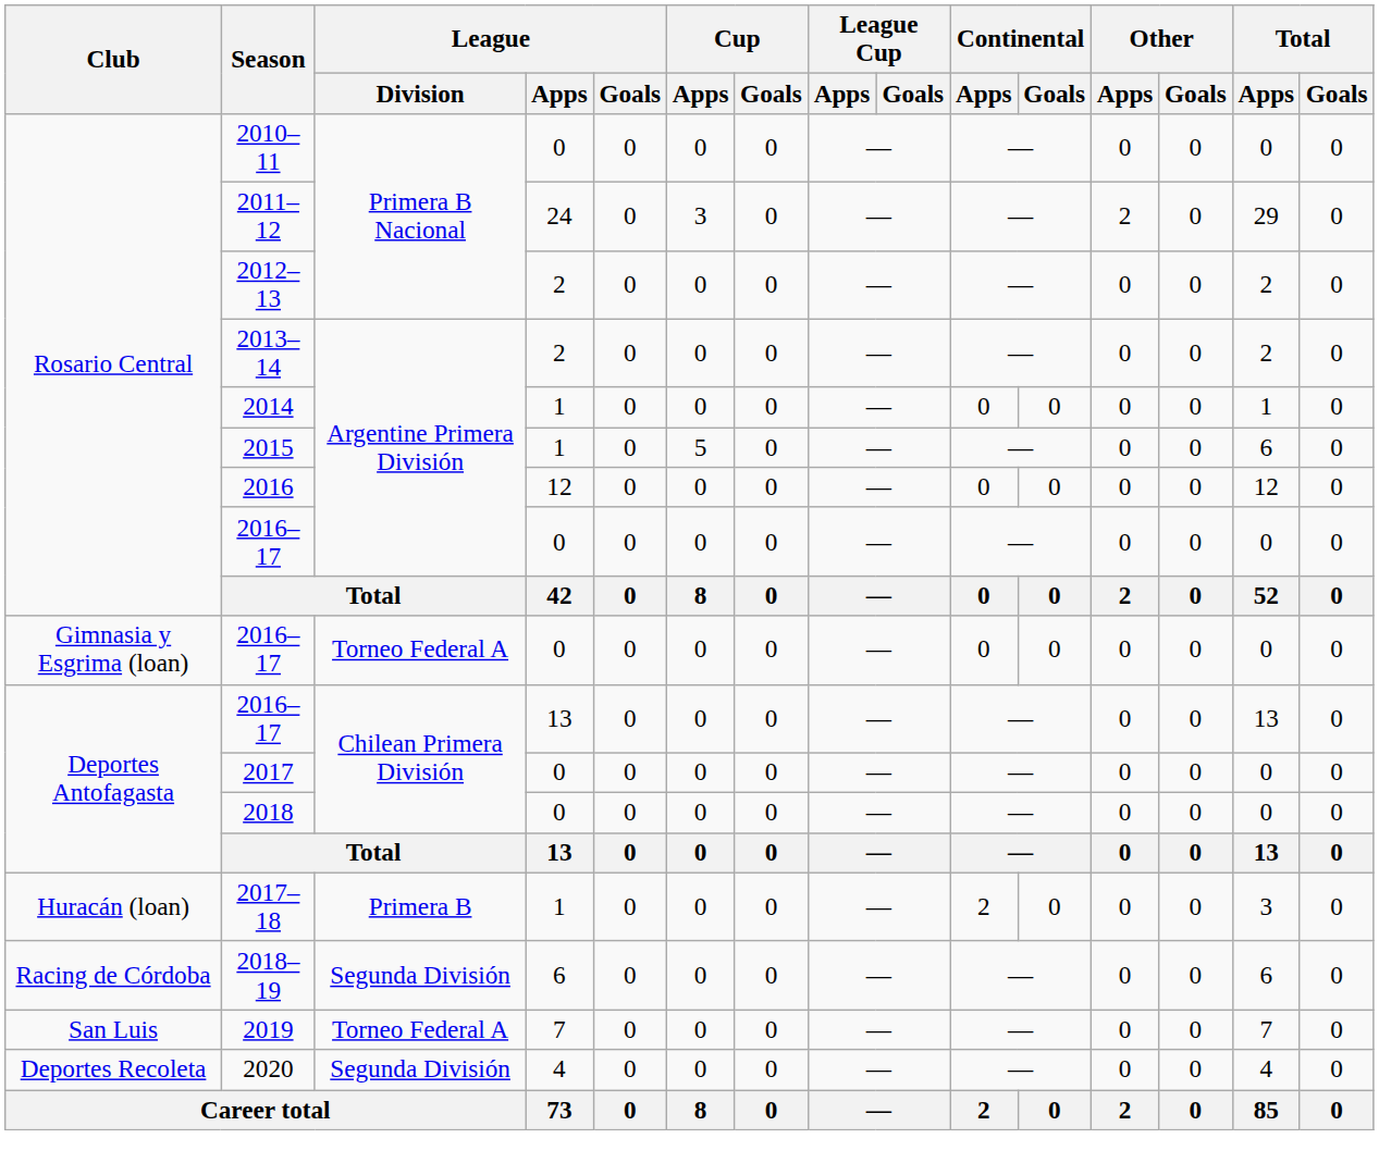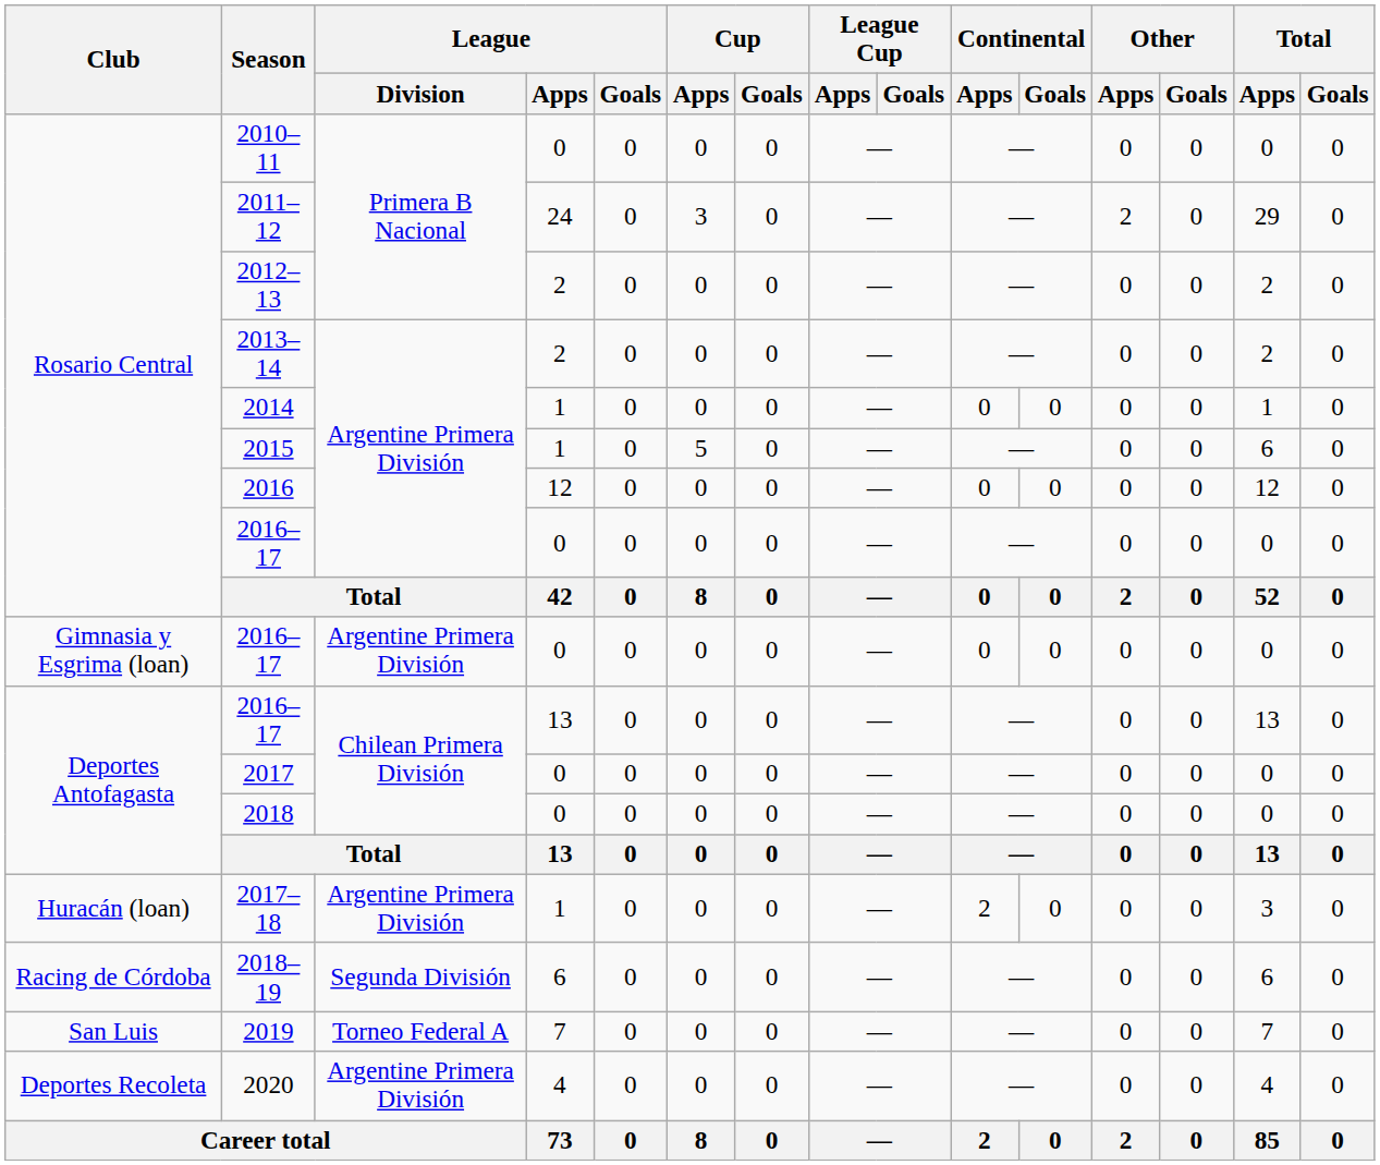 <table class="wikitable" style="text-align:center">
 <tr>
 <th rowspan="2">Club</th>
 <th rowspan="2">Season</th>
 <th colspan="3">League</th>
 <th colspan="2">Cup</th>
 <th colspan="2">League Cup</th>
 <th colspan="2">Continental</th>
 <th colspan="2">Other</th>
 <th colspan="2">Total</th>
 </tr>
 <tr>
 <th>Division</th>
 <th>Apps</th>
 <th>Goals</th>
 <th>Apps</th>
 <th>Goals</th>
 <th>Apps</th>
 <th>Goals</th>
 <th>Apps</th>
 <th>Goals</th>
 <th>Apps</th>
 <th>Goals</th>
 <th>Apps</th>
 <th>Goals</th>
 </tr>
 <tr>
 <td rowspan="9"><a href='#'>Rosario Central</a></td>
 <td><a href='#'>2010–11</a></td>
 <td rowspan="3"><a href='#'>Primera B Nacional</a></td>
 <td>0</td>
 <td>0</td>
 <td>0</td>
 <td>0</td>
 <td colspan="2">—</td>
 <td colspan="2">—</td>
 <td>0</td>
 <td>0</td>
 <td>0</td>
 <td>0</td>
 </tr>
 <tr>
 <td><a href='#'>2011–12</a></td>
 <td>24</td>
 <td>0</td>
 <td>3</td>
 <td>0</td>
 <td colspan="2">—</td>
 <td colspan="2">—</td>
 <td>2</td>
 <td>0</td>
 <td>29</td>
 <td>0</td>
 </tr>
 <tr>
 <td><a href='#'>2012–13</a></td>
 <td>2</td>
 <td>0</td>
 <td>0</td>
 <td>0</td>
 <td colspan="2">—</td>
 <td colspan="2">—</td>
 <td>0</td>
 <td>0</td>
 <td>2</td>
 <td>0</td>
 </tr>
 <tr>
 <td><a href='#'>2013–14</a></td>
 <td rowspan="5"><a href='#'>Argentine Primera División</a></td>
 <td>2</td>
 <td>0</td>
 <td>0</td>
 <td>0</td>
 <td colspan="2">—</td>
 <td colspan="2">—</td>
 <td>0</td>
 <td>0</td>
 <td>2</td>
 <td>0</td>
 </tr>
 <tr>
 <td><a href='#'>2014</a></td>
 <td>1</td>
 <td>0</td>
 <td>0</td>
 <td>0</td>
 <td colspan="2">—</td>
 <td>0</td>
 <td>0</td>
 <td>0</td>
 <td>0</td>
 <td>1</td>
 <td>0</td>
 </tr>
 <tr>
 <td><a href='#'>2015</a></td>
 <td>1</td>
 <td>0</td>
 <td>5</td>
 <td>0</td>
 <td colspan="2">—</td>
 <td colspan="2">—</td>
 <td>0</td>
 <td>0</td>
 <td>6</td>
 <td>0</td>
 </tr>
 <tr>
 <td><a href='#'>2016</a></td>
 <td>12</td>
 <td>0</td>
 <td>0</td>
 <td>0</td>
 <td colspan="2">—</td>
 <td>0</td>
 <td>0</td>
 <td>0</td>
 <td>0</td>
 <td>12</td>
 <td>0</td>
 </tr>
 <tr>
 <td><a href='#'>2016–17</a></td>
 <td>0</td>
 <td>0</td>
 <td>0</td>
 <td>0</td>
 <td colspan="2">—</td>
 <td colspan="2">—</td>
 <td>0</td>
 <td>0</td>
 <td>0</td>
 <td>0</td>
 </tr>
 <tr>
 <th colspan="2">Total</th>
 <th>42</th>
 <th>0</th>
 <th>8</th>
 <th>0</th>
 <th colspan="2">—</th>
 <th>0</th>
 <th>0</th>
 <th>2</th>
 <th>0</th>
 <th>52</th>
 <th>0</th>
 </tr>
 <tr>
 <td rowspan="1"><a href='#'>Gimnasia y Esgrima</a> (loan)</td>
 <td><a href='#'>2016–17</a></td>
-<td rowspan="1"><a href='#'>Torneo Federal A</a></td>
+<td rowspan="1"><a href='#'>Argentine Primera División</a></td>
 <td>0</td>
 <td>0</td>
 <td>0</td>
 <td>0</td>
 <td colspan="2">—</td>
 <td>0</td>
 <td>0</td>
 <td>0</td>
 <td>0</td>
 <td>0</td>
 <td>0</td>
 </tr>
 <tr>
 <td rowspan="4"><a href='#'>Deportes Antofagasta</a></td>
 <td><a href='#'>2016–17</a></td>
 <td rowspan="3"><a href='#'>Chilean Primera División</a></td>
 <td>13</td>
 <td>0</td>
 <td>0</td>
 <td>0</td>
 <td colspan="2">—</td>
 <td colspan="2">—</td>
 <td>0</td>
 <td>0</td>
 <td>13</td>
 <td>0</td>
 </tr>
 <tr>
 <td><a href='#'>2017</a></td>
 <td>0</td>
 <td>0</td>
 <td>0</td>
 <td>0</td>
 <td colspan="2">—</td>
 <td colspan="2">—</td>
 <td>0</td>
 <td>0</td>
 <td>0</td>
 <td>0</td>
 </tr>
 <tr>
 <td><a href='#'>2018</a></td>
 <td>0</td>
 <td>0</td>
 <td>0</td>
 <td>0</td>
 <td colspan="2">—</td>
 <td colspan="2">—</td>
 <td>0</td>
 <td>0</td>
 <td>0</td>
 <td>0</td>
 </tr>
 <tr>
 <th colspan="2">Total</th>
 <th>13</th>
 <th>0</th>
 <th>0</th>
 <th>0</th>
 <th colspan="2">—</th>
 <th colspan="2">—</th>
 <th>0</th>
 <th>0</th>
 <th>13</th>
 <th>0</th>
 </tr>
 <tr>
 <td rowspan="1"><a href='#'>Huracán</a> (loan)</td>
 <td><a href='#'>2017–18</a></td>
-<td rowspan="1"><a href='#'>Primera B</a></td>
+<td rowspan="1"><a href='#'>Argentine Primera División</a></td>
 <td>1</td>
 <td>0</td>
 <td>0</td>
 <td>0</td>
 <td colspan="2">—</td>
 <td>2</td>
 <td>0</td>
 <td>0</td>
 <td>0</td>
 <td>3</td>
 <td>0</td>
 </tr>
 <tr>
 <td rowspan="1"><a href='#'>Racing de Córdoba</a></td>
 <td><a href='#'>2018–19</a></td>
 <td rowspan="1"><a href='#'>Segunda División</a></td>
 <td>6</td>
 <td>0</td>
 <td>0</td>
 <td>0</td>
 <td colspan="2">—</td>
 <td colspan="2">—</td>
 <td>0</td>
 <td>0</td>
 <td>6</td>
 <td>0</td>
 </tr>
 <tr>
 <td rowspan="1"><a href='#'>San Luis</a></td>
 <td><a href='#'>2019</a></td>
 <td rowspan="1"><a href='#'>Torneo Federal A</a></td>
 <td>7</td>
 <td>0</td>
 <td>0</td>
 <td>0</td>
 <td colspan="2">—</td>
 <td colspan="2">—</td>
 <td>0</td>
 <td>0</td>
 <td>7</td>
 <td>0</td>
 </tr>
 <tr>
 <td rowspan="1"><a href='#'>Deportes Recoleta</a></td>
 <td>2020</td>
-<td rowspan="1"><a href='#'>Segunda División</a></td>
+<td rowspan="1"><a href='#'>Argentine Primera División</a></td>
 <td>4</td>
 <td>0</td>
 <td>0</td>
 <td>0</td>
 <td colspan="2">—</td>
 <td colspan="2">—</td>
 <td>0</td>
 <td>0</td>
 <td>4</td>
 <td>0</td>
 </tr>
 <tr>
 <th colspan="3">Career total</th>
 <th>73</th>
 <th>0</th>
 <th>8</th>
 <th>0</th>
 <th colspan="2">—</th>
 <th>2</th>
 <th>0</th>
 <th>2</th>
 <th>0</th>
 <th>85</th>
 <th>0</th>
 </tr>
 </table>
